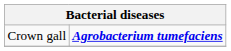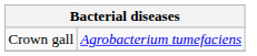 <table class="wikitable" style="clear:left">
 <tr>
 <th colspan=2><strong>Bacterial diseases</strong><br></th>
 </tr>
 <tr>
 <td>Crown gall</td>
-<td><strong><em><a href='#'>Agrobacterium tumefaciens</a></em></strong></td>
+<td><em><a href='#'>Agrobacterium tumefaciens</a></em></td>
 </tr>
 <tr>
 </tr>
 </table>
